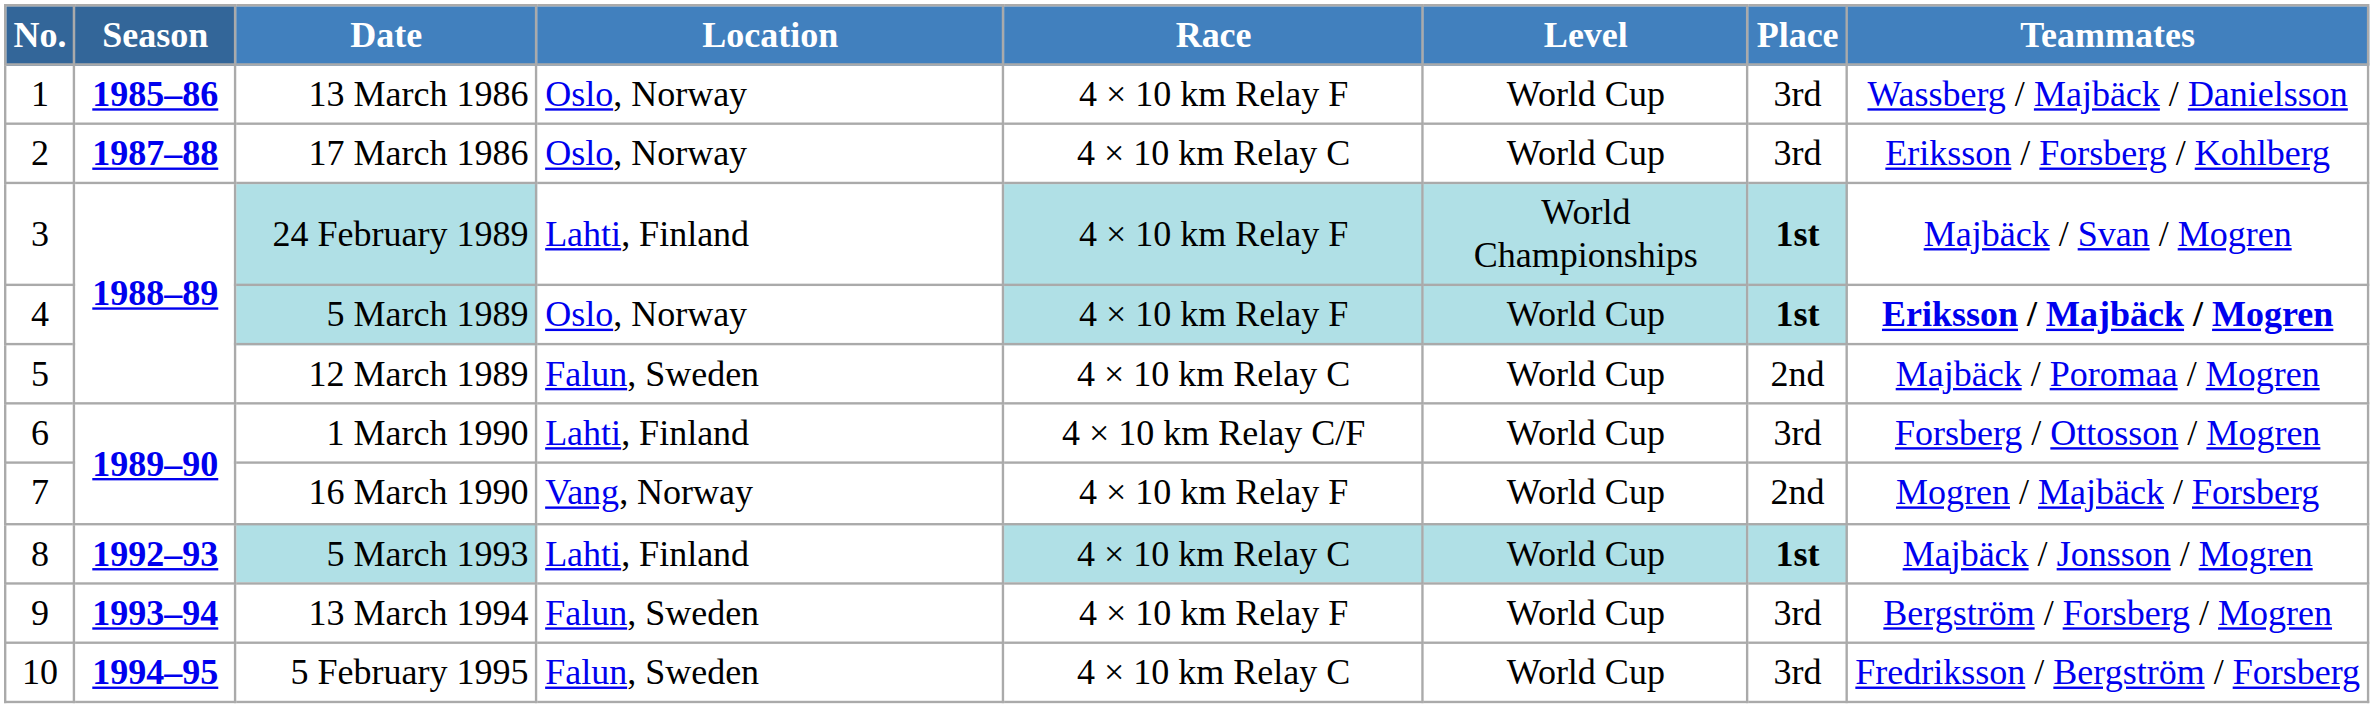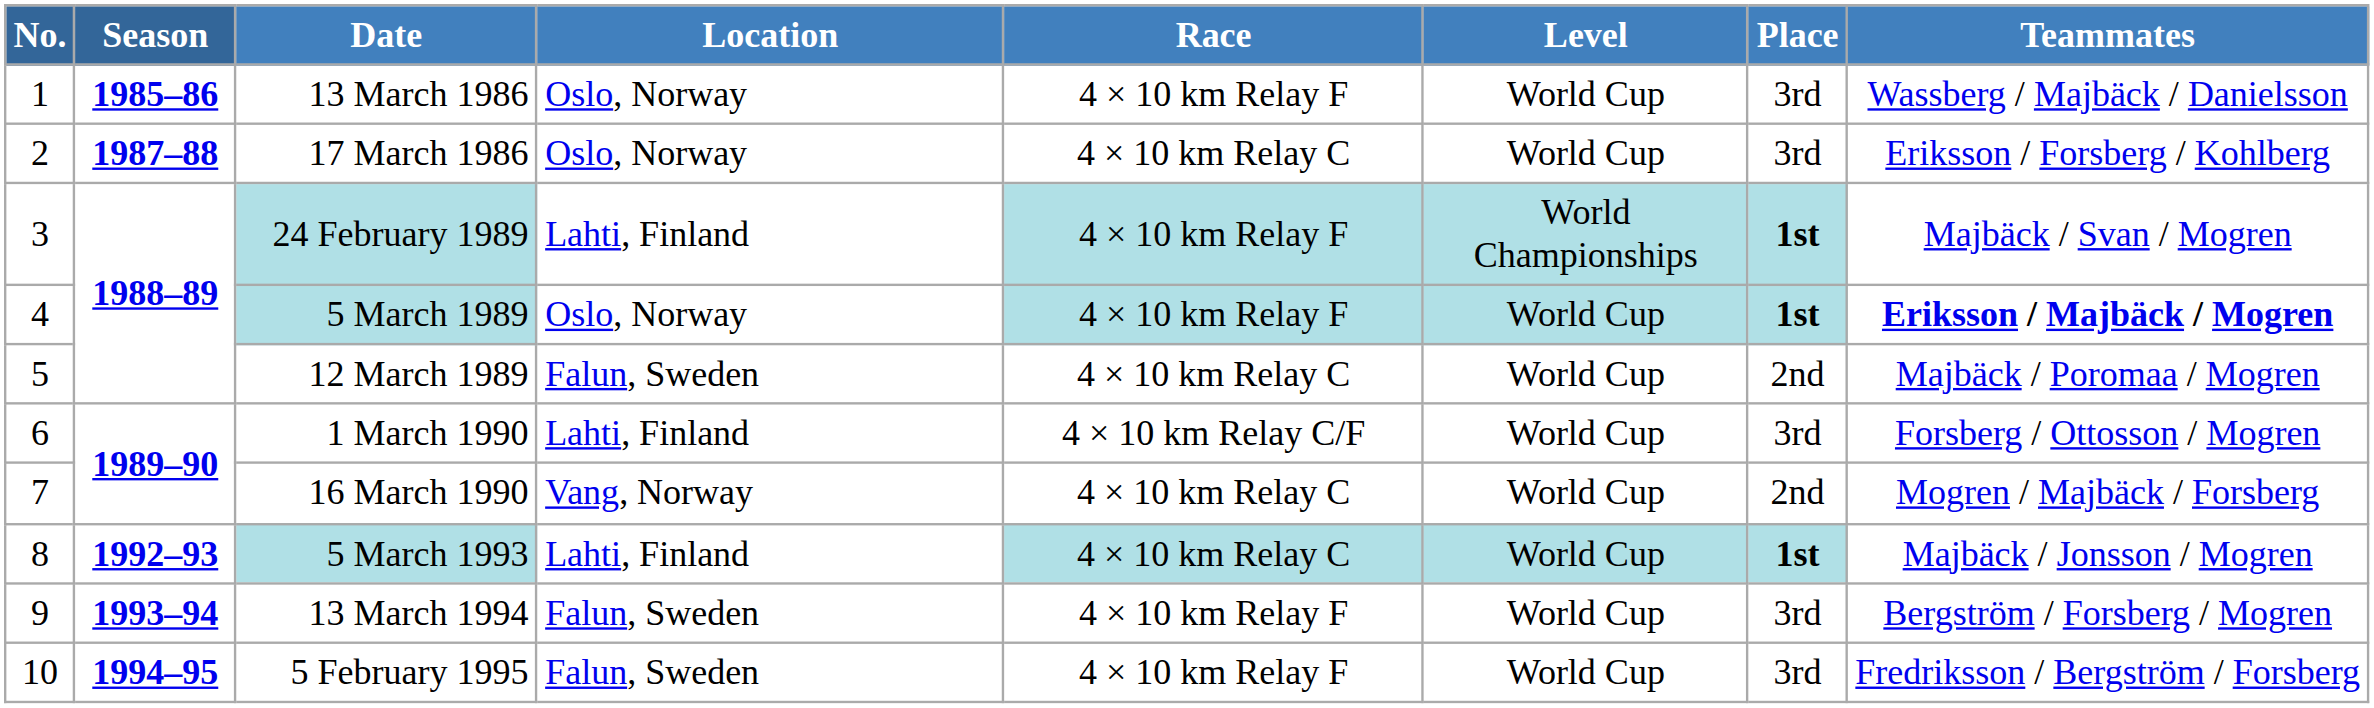 <table class="wikitable sortable" style="font-size:95%; text-align:center; border:grey solid 1px; border-collapse:collapse; background:#ffffff;">
 <tr style="background:#efefef;">
 <th style="background-color:#369; color:white;">No.</th>
 <th style="background-color:#369; color:white;">Season</th>
 <th style="background-color:#4180be; color:white; width:120px;">Date</th>
 <th style="background-color:#4180be; color:white; width:190px;">Location</th>
 <th style="background-color:#4180be; color:white; width:170px;">Race</th>
 <th style="background-color:#4180be; color:white; width:130px;">Level</th>
 <th style="background-color:#4180be; color:white;">Place</th>
 <th style="background-color:#4180be; color:white;">Teammates</th>
 </tr>
 <tr>
 <td align=center>1</td>
 <td rowspan=1 align=center><strong> <a href='#'>1985–86</a> </strong></td>
 <td align=right>13 March 1986</td>
 <td align=left> <a href='#'>Oslo</a>, Norway</td>
 <td>4 × 10 km Relay F</td>
 <td>World Cup</td>
 <td>3rd</td>
 <td><a href='#'>Wassberg</a> / <a href='#'>Majbäck</a> / <a href='#'>Danielsson</a></td>
 </tr>
 <tr>
 <td align=center>2</td>
 <td rowspan=1 align=center><strong> <a href='#'>1987–88</a> </strong></td>
 <td align=right>17 March 1986</td>
 <td align=left> <a href='#'>Oslo</a>, Norway</td>
 <td>4 × 10 km Relay C</td>
 <td>World Cup</td>
 <td>3rd</td>
 <td><a href='#'>Eriksson</a> / <a href='#'>Forsberg</a> / <a href='#'>Kohlberg</a></td>
 </tr>
 <tr>
 <td align=center>3</td>
 <td rowspan=3 align=center><strong><a href='#'>1988–89</a></strong></td>
 <td bgcolor="#BOEOE6" align=right>24 February 1989</td>
 <td align=left> <a href='#'>Lahti</a>, Finland</td>
 <td bgcolor="#BOEOE6">4 × 10 km Relay F</td>
 <td bgcolor="#BOEOE6">World Championships</td>
 <td bgcolor="#BOEOE6"><strong>1st</strong></td>
 <td><a href='#'>Majbäck</a> / <a href='#'>Svan</a> / <a href='#'>Mogren</a></td>
 </tr>
 <tr>
 <td align=center>4</td>
 <td bgcolor="#BOEOE6" align=right>5 March 1989</td>
 <td align=left> <a href='#'>Oslo</a>, Norway</td>
 <td bgcolor="#BOEOE6">4 × 10 km Relay F</td>
 <td bgcolor="#BOEOE6">World Cup</td>
 <td bgcolor="#BOEOE6"><strong>1st</strong></td>
 <td><strong><a href='#'>Eriksson</a> / <a href='#'>Majbäck</a> / <a href='#'>Mogren</a></strong></td>
 </tr>
 <tr>
 <td align=center>5</td>
 <td align=right>12 March 1989</td>
 <td align=left> <a href='#'>Falun</a>, Sweden</td>
 <td>4 × 10 km Relay C</td>
 <td>World Cup</td>
 <td>2nd</td>
 <td><a href='#'>Majbäck</a> / <a href='#'>Poromaa</a> / <a href='#'>Mogren</a></td>
 </tr>
 <tr>
 <td align=center>6</td>
 <td rowspan=2 align=center><strong> <a href='#'>1989–90</a> </strong></td>
 <td align=right>1 March 1990</td>
 <td align=left> <a href='#'>Lahti</a>, Finland</td>
 <td>4 × 10 km Relay C/F</td>
 <td>World Cup</td>
 <td>3rd</td>
 <td><a href='#'>Forsberg</a> / <a href='#'>Ottosson</a> / <a href='#'>Mogren</a></td>
 </tr>
 <tr>
 <td align=center>7</td>
 <td align=right>16 March 1990</td>
 <td align=left> <a href='#'>Vang</a>, Norway</td>
-<td>4 × 10 km Relay F</td>
+<td>4 × 10 km Relay C</td>
 <td>World Cup</td>
 <td>2nd</td>
 <td><a href='#'>Mogren</a> / <a href='#'>Majbäck</a> / <a href='#'>Forsberg</a></td>
 </tr>
 <tr>
 <td align=center>8</td>
 <td rowspan=1 align=center><strong><a href='#'>1992–93</a></strong></td>
 <td bgcolor="#BOEOE6" align=right>5 March 1993</td>
 <td align=left> <a href='#'>Lahti</a>, Finland</td>
 <td bgcolor="#BOEOE6">4 × 10 km Relay C</td>
 <td bgcolor="#BOEOE6">World Cup</td>
 <td bgcolor="#BOEOE6"><strong>1st</strong></td>
 <td><a href='#'>Majbäck</a> / <a href='#'>Jonsson</a> / <a href='#'>Mogren</a></td>
 </tr>
 <tr>
 <td align=center>9</td>
 <td rowspan=1 align=center><strong> <a href='#'>1993–94</a> </strong></td>
 <td align=right>13 March 1994</td>
 <td align=left> <a href='#'>Falun</a>, Sweden</td>
 <td>4 × 10 km Relay F</td>
 <td>World Cup</td>
 <td>3rd</td>
 <td><a href='#'>Bergström</a> / <a href='#'>Forsberg</a> / <a href='#'>Mogren</a></td>
 </tr>
 <tr>
 <td align=center>10</td>
 <td rowspan=1 align=center><strong> <a href='#'>1994–95</a> </strong></td>
 <td align=right>5 February 1995</td>
 <td align=left> <a href='#'>Falun</a>, Sweden</td>
-<td>4 × 10 km Relay C</td>
+<td>4 × 10 km Relay F</td>
 <td>World Cup</td>
 <td>3rd</td>
 <td><a href='#'>Fredriksson</a> / <a href='#'>Bergström</a> / <a href='#'>Forsberg</a></td>
 </tr>
 </table>
